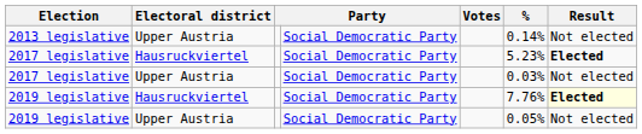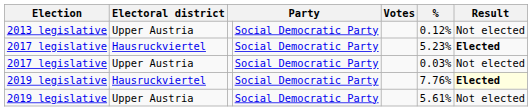 <table class="wikitable" style="text-align:left;">
 <tr>
 <th scope=col>Election</th>
 <th scope=col>Electoral district</th>
 <th scope=col colspan="2">Party</th>
 <th scope=col>Votes</th>
 <th scope=col>%</th>
 <th scope=col>Result</th>
 </tr>
 <tr>
 <td><a href='#'>2013 legislative</a></td>
 <td>Upper Austria</td>
 <td style="background:"></td>
 <td><a href='#'>Social Democratic Party</a></td>
 <td align=right></td>
-<td align=right>0.14%</td>
+<td align=right>0.12%</td>
 <td>Not elected</td>
 </tr>
 <tr>
 <td><a href='#'>2017 legislative</a></td>
 <td><a href='#'>Hausruckviertel</a></td>
 <td style="background:"></td>
 <td><a href='#'>Social Democratic Party</a></td>
 <td align=right></td>
 <td align=right>5.23%</td>
 <td><strong>Elected</strong></td>
 </tr>
 <tr>
 <td><a href='#'>2017 legislative</a></td>
 <td>Upper Austria</td>
 <td style="background:"></td>
 <td><a href='#'>Social Democratic Party</a></td>
 <td align=right></td>
 <td align=right>0.03%</td>
 <td>Not elected</td>
 </tr>
 <tr>
 <td><a href='#'>2019 legislative</a></td>
 <td><a href='#'>Hausruckviertel</a></td>
 <td style="background:"></td>
 <td><a href='#'>Social Democratic Party</a></td>
 <td align=right></td>
 <td align=right>7.76%</td>
 <td style="background: lightyellow;"><strong>Elected</strong></td>
 </tr>
 <tr>
 <td><a href='#'>2019 legislative</a></td>
 <td>Upper Austria</td>
 <td style="background:"></td>
 <td><a href='#'>Social Democratic Party</a></td>
 <td align=right></td>
-<td align=right>0.05%</td>
+<td align=right>5.61%</td>
 <td>Not elected</td>
 </tr>
 </table>
